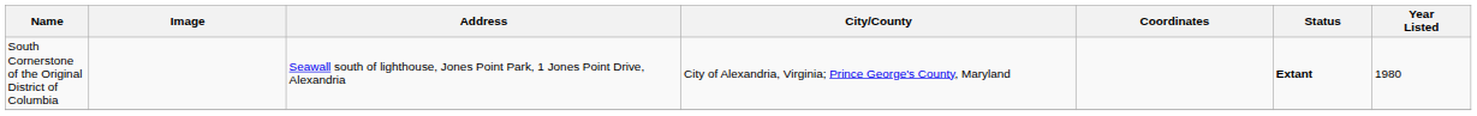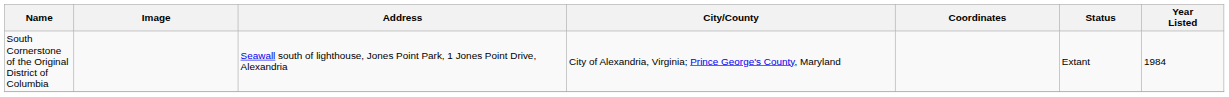 <table class="wikitable" style="width:auto">
 <tr>
 <th style="width:2.5%"><strong>Name</strong></th>
 <th style="width:10%"><strong>Image</strong></th>
 <th style="width:20%"><strong>Address</strong></th>
 <th style="width:20%"><strong>City/County</strong></th>
 <th style="width:10%"><strong>Coordinates</strong></th>
 <th style="width:5%"><strong>Status</strong></th>
 <th style="width:5%"><strong>Year<br>Listed</strong></th>
 </tr>
 <tr>
 <td>South Cornerstone of the Original District of Columbia</td>
 <td><br></td>
 <td><a href='#'>Seawall</a> south of lighthouse, Jones Point Park, 1 Jones Point Drive, Alexandria</td>
 <td>City of Alexandria, Virginia; <a href='#'> Prince George's County</a>, Maryland</td>
 <td></td>
-<td><strong>Extant</strong></td>
-<td>1980</td>
+<td>Extant</td>
+<td>1984</td>
 </tr>
 <tr>
 </tr>
 </table>
